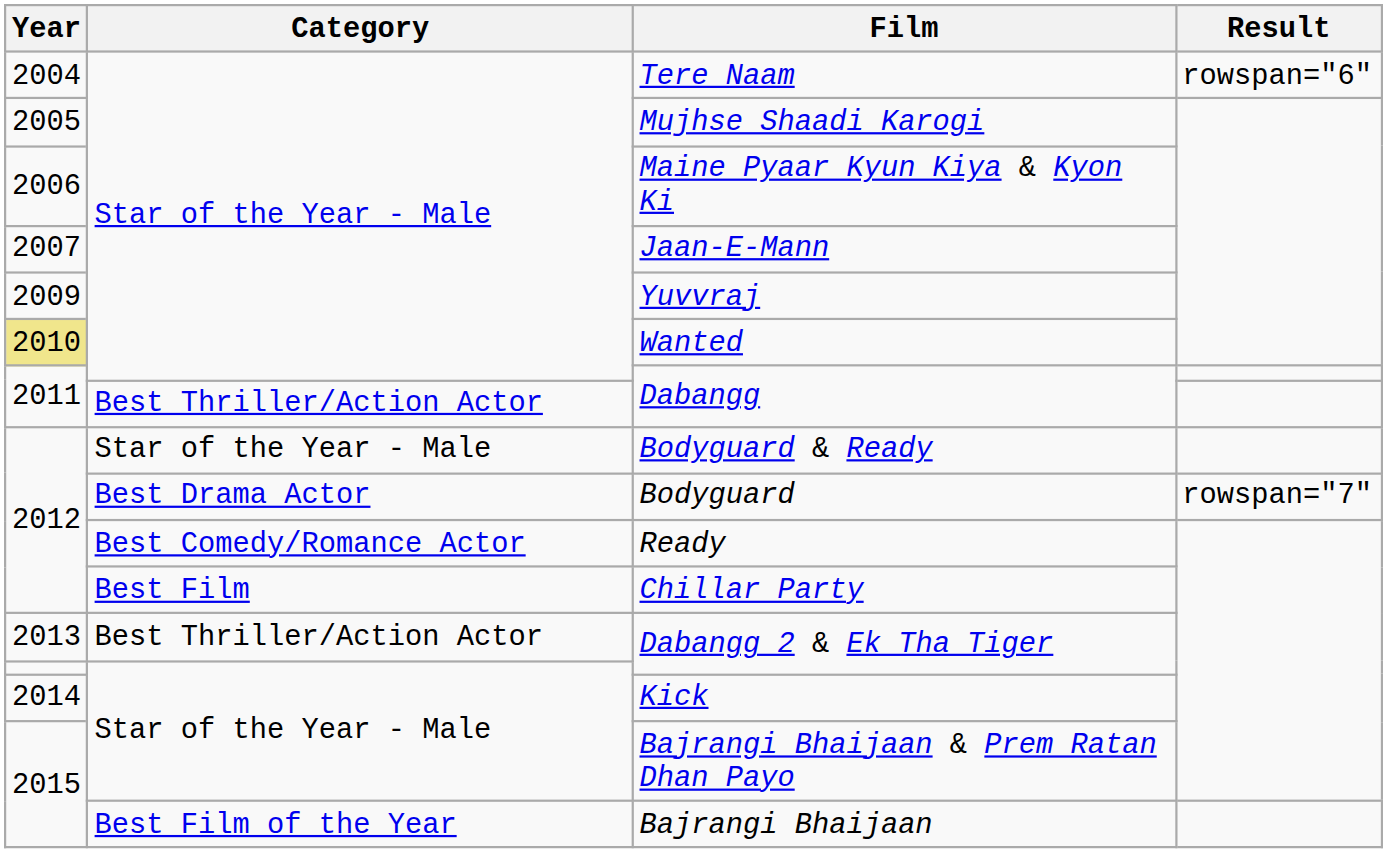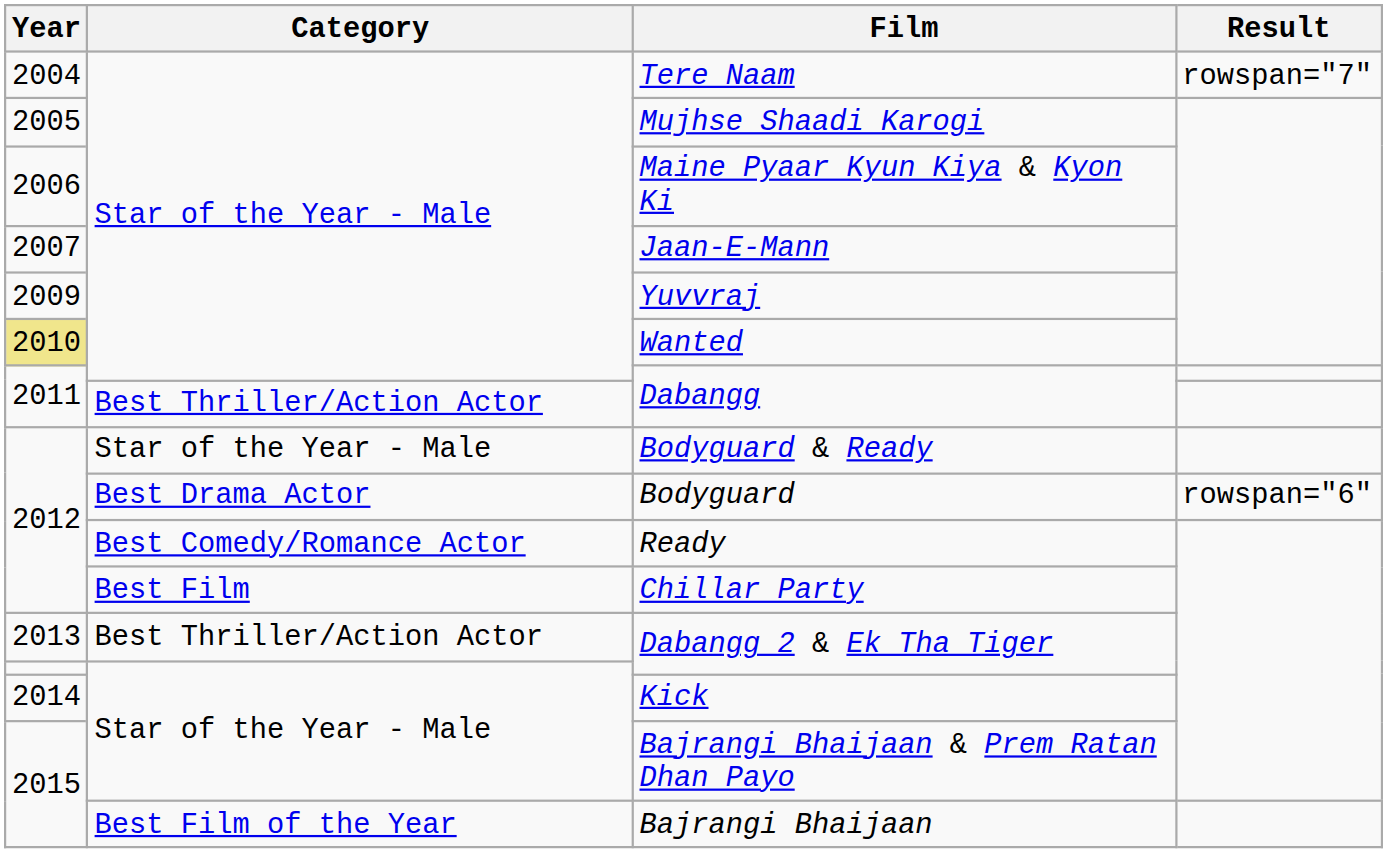 <table class="wikitable" style="width:100%;">
 <tr>
 <th width=5%>Year</th>
 <th style="width:40%;">Category</th>
 <th style="width:40%;">Film</th>
 <th style="width:15%;">Result</th>
 </tr>
 <tr>
 <td>2004</td>
 <td rowspan="7"><a href='#'>Star of the Year - Male</a></td>
 <td><em><a href='#'>Tere Naam</a></em></td>
-<td>rowspan="6" </td>
+<td>rowspan="7" </td>
 </tr>
 <tr>
 <td>2005</td>
 <td><em><a href='#'>Mujhse Shaadi Karogi</a></em></td>
 </tr>
 <tr>
 <td>2006</td>
 <td><em><a href='#'>Maine Pyaar Kyun Kiya</a></em> & <em><a href='#'>Kyon Ki</a></em></td>
 </tr>
 <tr>
 <td>2007</td>
 <td><em><a href='#'>Jaan-E-Mann</a></em></td>
 </tr>
 <tr>
 <td>2009</td>
 <td><em><a href='#'>Yuvvraj</a></em></td>
 </tr>
 <tr>
 <td style="background: khaki;">2010</td>
 <td><em><a href='#'>Wanted</a></em></td>
 </tr>
 <tr>
 <td rowspan="2">2011</td>
 <td rowspan="2"><em><a href='#'>Dabangg</a></em></td>
 <td></td>
 </tr>
 <tr>
 <td><a href='#'>Best Thriller/Action Actor</a></td>
 <td></td>
 </tr>
 <tr>
 <td rowspan="4">2012</td>
 <td>Star of the Year - Male</td>
 <td><em><a href='#'>Bodyguard</a></em> & <em><a href='#'>Ready</a></em></td>
 <td></td>
 </tr>
 <tr>
 <td><a href='#'>Best Drama Actor</a></td>
 <td><em>Bodyguard</em></td>
-<td>rowspan="7" </td>
+<td>rowspan="6" </td>
 </tr>
 <tr>
 <td><a href='#'>Best Comedy/Romance Actor</a></td>
 <td><em>Ready</em></td>
 </tr>
 <tr>
 <td><a href='#'>Best Film</a></td>
 <td><em><a href='#'>Chillar Party</a></em></td>
 </tr>
 <tr>
 <td>2013</td>
 <td>Best Thriller/Action Actor</td>
 <td rowspan="2"><em><a href='#'>Dabangg 2</a></em> & <em><a href='#'>Ek Tha Tiger</a></em></td>
 </tr>
 <tr>
 <td></td>
 <td rowspan="3">Star of the Year - Male</td>
 </tr>
 <tr>
 <td>2014</td>
 <td><em><a href='#'>Kick</a></em></td>
 </tr>
 <tr>
 <td rowspan="2">2015</td>
 <td><em><a href='#'>Bajrangi Bhaijaan</a></em> & <em><a href='#'>Prem Ratan Dhan Payo</a></em></td>
 </tr>
 <tr>
 <td><a href='#'>Best Film of the Year</a></td>
 <td><em>Bajrangi Bhaijaan</em></td>
 <td></td>
 </tr>
 </table>
